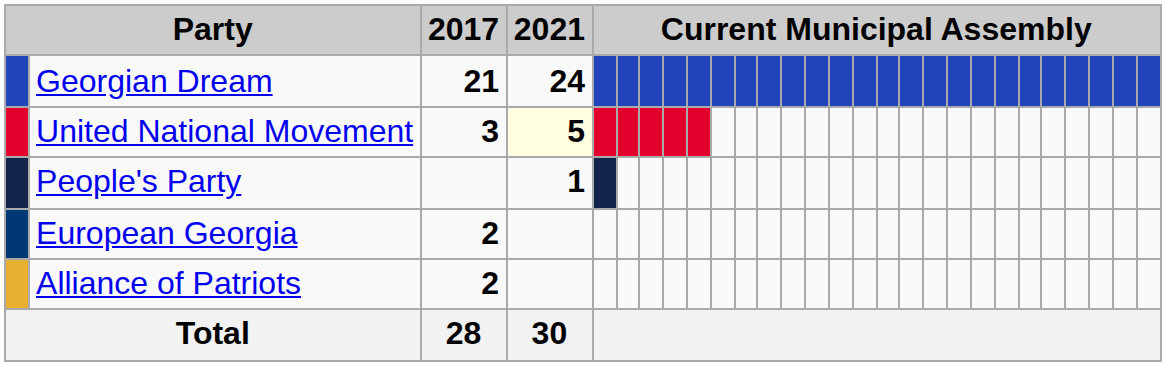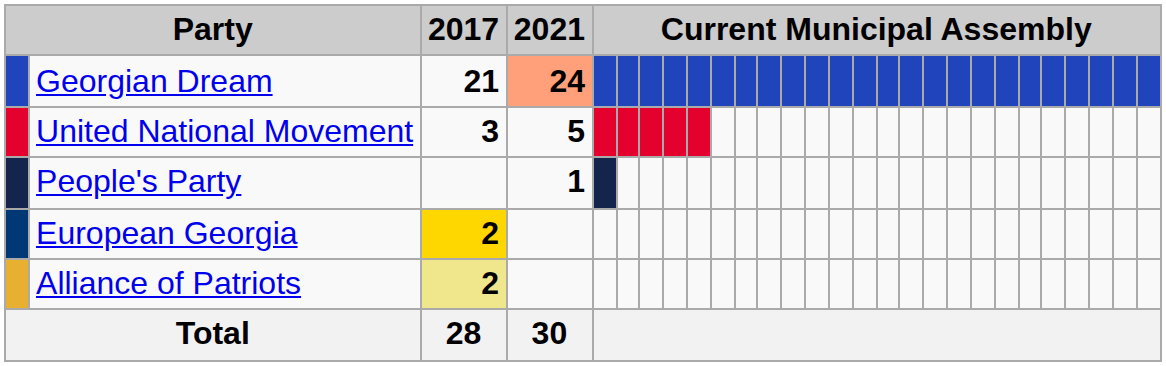 <table class="wikitable">
 <tr>
 <th colspan="2" style="background:#ccc">Party</th>
 <th style="background:#ccc">2017</th>
 <th style="background:#ccc">2021</th>
 <th colspan="33" style="background:#ccc">Current Municipal Assembly</th>
 </tr>
 <tr>
 <td style="background-color: #2044BC  "> </td>
 <td><a href='#'>Georgian Dream</a></td>
 <td style="text-align: right"><strong>21</strong></td>
-<td style="text-align: right"><strong>24</strong></td>
+<td style="background: lightsalmon; text-align: right"><strong>24</strong></td>
 <td style="background-color: #2044BC "></td>
 <td style="background-color: #2044BC "> </td>
 <td style="background-color: #2044BC "> </td>
 <td style="background-color: #2044BC "> </td>
 <td style="background-color: #2044BC "> </td>
 <td style="background-color: #2044BC "> </td>
 <td style="background-color: #2044BC "> </td>
 <td style="background-color: #2044BC "> </td>
 <td style="background-color: #2044BC "> </td>
 <td style="background-color: #2044BC "> </td>
 <td style="background-color: #2044BC "> </td>
 <td style="background-color: #2044BC "> </td>
 <td style="background-color: #2044BC "> </td>
 <td style="background-color: #2044BC "> </td>
 <td style="background-color: #2044BC "> </td>
 <td style="background-color: #2044BC "> </td>
 <td style="background-color: #2044BC "> </td>
 <td style="background-color: #2044BC "> </td>
 <td style="background-color: #2044BC "> </td>
 <td style="background-color: #2044BC "> </td>
 <td style="background-color: #2044BC "> </td>
 <td style="background-color: #2044BC "> </td>
 <td style="background-color: #2044BC "> </td>
 <td style="background-color: #2044BC "> </td>
 </tr>
 <tr>
 <td style="background-color: #e4012e  "> </td>
 <td><a href='#'>United National Movement</a></td>
 <td style="text-align: right"><strong>3</strong></td>
-<td style="background: lightyellow; text-align: right"><strong>5</strong></td>
+<td style="text-align: right"><strong>5</strong></td>
 <td style="background-color: #e4012e "> </td>
 <td style="background-color: #e4012e "> </td>
 <td style="background-color: #e4012e "> </td>
 <td style="background-color: #e4012e "> </td>
 <td style="background-color: #e4012e "> </td>
 <td></td>
 <td></td>
 <td></td>
 <td></td>
 <td></td>
 <td></td>
 <td></td>
 <td></td>
 <td></td>
 <td></td>
 <td></td>
 <td></td>
 <td></td>
 <td></td>
 <td></td>
 <td></td>
 <td></td>
 <td></td>
 <td></td>
 </tr>
 <tr>
 <td style="background-color: #13254d  "> </td>
 <td><a href='#'>People's Party</a></td>
 <td></td>
 <td style="text-align: right"><strong>1</strong></td>
 <td style="background-color: #13254d "> </td>
 <td></td>
 <td></td>
 <td></td>
 <td></td>
 <td></td>
 <td></td>
 <td></td>
 <td></td>
 <td></td>
 <td></td>
 <td></td>
 <td></td>
 <td></td>
 <td></td>
 <td></td>
 <td></td>
 <td></td>
 <td></td>
 <td></td>
 <td></td>
 <td></td>
 <td></td>
 <td></td>
 </tr>
 <tr>
 <td style="background-color: #003876 "> </td>
 <td><a href='#'>European Georgia</a></td>
-<td style="text-align: right"><strong>2</strong></td>
+<td style="background: gold; text-align: right"><strong>2</strong></td>
 <td></td>
 <td></td>
 <td></td>
 <td></td>
 <td></td>
 <td></td>
 <td></td>
 <td></td>
 <td></td>
 <td></td>
 <td></td>
 <td></td>
 <td></td>
 <td></td>
 <td></td>
 <td></td>
 <td></td>
 <td></td>
 <td></td>
 <td></td>
 <td></td>
 <td></td>
 <td></td>
 <td></td>
 <td></td>
 </tr>
 <tr>
 <td style="background-color: #e7b031 "> </td>
 <td><a href='#'>Alliance of Patriots</a></td>
-<td style="text-align: right"><strong>2</strong></td>
+<td style="background: khaki; text-align: right"><strong>2</strong></td>
 <td></td>
 <td></td>
 <td></td>
 <td></td>
 <td></td>
 <td></td>
 <td></td>
 <td></td>
 <td></td>
 <td></td>
 <td></td>
 <td></td>
 <td></td>
 <td></td>
 <td></td>
 <td></td>
 <td></td>
 <td></td>
 <td></td>
 <td></td>
 <td></td>
 <td></td>
 <td></td>
 <td></td>
 <td></td>
 </tr>
 <tr>
 <th colspan="2">Total</th>
 <th align="right">28</th>
 <th align="right">30</th>
 <th colspan="33"> </th>
 </tr>
 </table>
